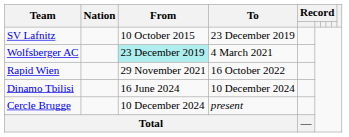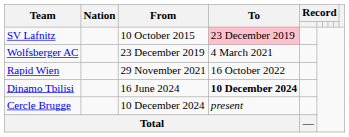 <table class="wikitable" style="text-align: center">
 <tr>
 <th rowspan="2">Team</th>
 <th rowspan="2">Nation</th>
 <th rowspan="2">From</th>
 <th rowspan="2">To</th>
 <th colspan="5">Record</th>
 <th rowspan=2></th>
 </tr>
 <tr>
 <th></th>
 <th></th>
 <th></th>
 <th></th>
 <th></th>
 </tr>
 <tr>
 <td align=left><a href='#'>SV Lafnitz</a></td>
 <td></td>
 <td align=left>10 October 2015</td>
-<td align=left>23 December 2019<br></td>
+<td align=left style="background: pink;">23 December 2019<br></td>
 <td></td>
 </tr>
 <tr>
 <td align=left><a href='#'>Wolfsberger AC</a></td>
 <td></td>
-<td align=left style="background: paleturquoise;">23 December 2019</td>
+<td align=left>23 December 2019</td>
 <td align=left>4 March 2021<br></td>
 <td></td>
 </tr>
 <tr>
 <td align=left><a href='#'>Rapid Wien</a></td>
 <td></td>
 <td align=left>29 November 2021</td>
 <td align=left>16 October 2022<br></td>
 <td></td>
 </tr>
 <tr>
 <td align=left><a href='#'>Dinamo Tbilisi</a></td>
 <td></td>
 <td align=left>16 June 2024</td>
-<td align=left>10 December 2024<br></td>
+<td align=left><strong>10 December 2024<br></strong></td>
 <td></td>
 </tr>
 <tr>
 <td align=left><a href='#'>Cercle Brugge</a></td>
 <td></td>
 <td align=left>10 December 2024</td>
 <td align=left><em>present</em><br></td>
 <td></td>
 </tr>
 <tr>
 <th colspan="4">Total<br></th>
 <th>—</th>
 </tr>
 </table>
